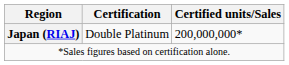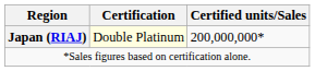 <table class="wikitable plainrowheaders">
 <tr>
 <th>Region</th>
 <th>Certification</th>
 <th>Certified units/Sales</th>
 </tr>
 <tr>
 <th scope="row">Japan (<a href='#'>RIAJ</a>)</th>
-<td>Double Platinum</td>
+<td style="background: lightyellow;">Double Platinum</td>
 <td>200,000,000*</td>
 </tr>
 <tr>
 <td align="center" colspan="3" style="font-size:small">*Sales figures based on certification alone.</td>
 </tr>
 </table>
